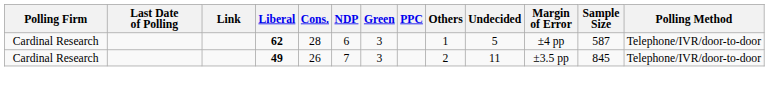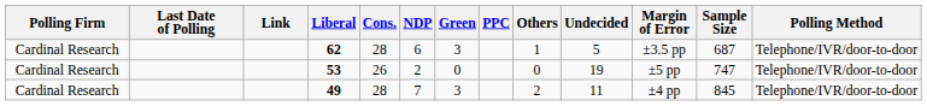 <table class="wikitable sortable" style="text-align:center;font-size:90%;line-height:14px;">
 <tr style="background:#e9e9e9;">
 <th style="width:120px">Polling Firm</th>
 <th style="width:110px">Last Date<br>of Polling</th>
 <th style="width:60px" class="unsortable">Link</th>
 <th style="background-color:"><a href='#'>Liberal</a></th>
 <th style="background-color:"><a href='#'>Cons.</a></th>
 <th style="background-color:"><a href='#'>NDP</a></th>
 <th style="background-color:"><a href='#'>Green</a></th>
 <th style="background-color:"><a href='#'><span>PPC</span></a></th>
 <th style="background-color:">Others</th>
 <th style="background-color:">Undecided</th>
 <th style="width:60px;" class=unsortable>Margin<br>of Error</th>
 <th style="width:50px;" class=unsortable>Sample<br>Size</th>
 <th class=unsortable>Polling Method</th>
 </tr>
 <tr>
 <td>Cardinal Research</td>
 <td></td>
 <td></td>
 <td><strong>62</strong></td>
 <td>28</td>
 <td>6</td>
 <td>3</td>
 <td></td>
 <td>1</td>
 <td>5</td>
-<td>±4 pp</td>
-<td>587</td>
+<td>±3.5 pp</td>
+<td>687</td>
+<td>Telephone/IVR/door-to-door</td>
+</tr>
+<tr>
+<td>Cardinal Research</td>
+<td></td>
+<td></td>
+<td><strong>53</strong></td>
+<td>26</td>
+<td>2</td>
+<td>0</td>
+<td></td>
+<td>0</td>
+<td>19</td>
+<td>±5 pp</td>
+<td>747</td>
 <td>Telephone/IVR/door-to-door</td>
 </tr>
 <tr>
 <td>Cardinal Research</td>
 <td></td>
 <td></td>
 <td><strong>49</strong></td>
-<td>26</td>
+<td>28</td>
 <td>7</td>
 <td>3</td>
 <td></td>
 <td>2</td>
 <td>11</td>
-<td>±3.5 pp</td>
+<td>±4 pp</td>
 <td>845</td>
 <td>Telephone/IVR/door-to-door</td>
 </tr>
 </table>
